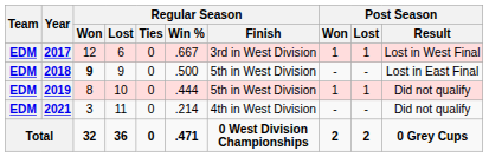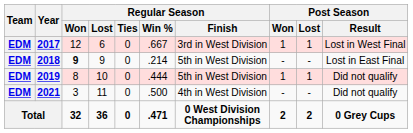 <table class="wikitable" style="font-size: 95%; text-align:center;">
 <tr>
 <th rowspan="2">Team</th>
 <th rowspan="2">Year</th>
 <th colspan="5">Regular Season</th>
 <th colspan="4">Post Season</th>
 </tr>
 <tr>
 <th>Won</th>
 <th>Lost</th>
 <th>Ties</th>
 <th>Win %</th>
 <th>Finish</th>
 <th>Won</th>
 <th>Lost</th>
 <th>Result</th>
 </tr>
 <tr ! style="background:#fdd;">
 <th><a href='#'>EDM</a></th>
 <th><a href='#'>2017</a></th>
 <td>12</td>
 <td>6</td>
 <td>0</td>
 <td>.667</td>
 <td>3rd in West Division</td>
 <td>1</td>
 <td>1</td>
 <td>Lost in West Final</td>
 </tr>
 <tr>
 <th><a href='#'>EDM</a></th>
 <th><a href='#'>2018</a></th>
 <td><strong>9</strong></td>
 <td>9</td>
 <td>0</td>
-<td>.500</td>
+<td>.214</td>
 <td>5th in West Division</td>
 <td>-</td>
 <td>-</td>
 <td>Lost in  East Final</td>
 </tr>
 <tr ! style="background:#fdd;">
 <th><a href='#'>EDM</a></th>
 <th><a href='#'>2019</a></th>
 <td>8</td>
 <td>10</td>
 <td>0</td>
 <td>.444</td>
 <td>5th in West Division</td>
 <td>1</td>
 <td>1</td>
 <td>Did not qualify</td>
 </tr>
 <tr>
 <th><a href='#'>EDM</a></th>
 <th><a href='#'>2021</a></th>
 <td>3</td>
 <td>11</td>
 <td>0</td>
-<td>.214</td>
+<td>.500</td>
 <td>4th in West Division</td>
 <td>-</td>
 <td>-</td>
 <td>Did not qualify</td>
 </tr>
 <tr>
 <th colspan="2"><strong>Total</strong></th>
 <td><strong>32</strong></td>
 <td><strong>36</strong></td>
 <td><strong>0</strong></td>
 <td><strong>.471</strong></td>
 <td><strong>0 West Division<br>Championships</strong></td>
 <td><strong>2</strong></td>
 <td><strong>2</strong></td>
 <td><strong>0 Grey Cups</strong></td>
 </tr>
 </table>
